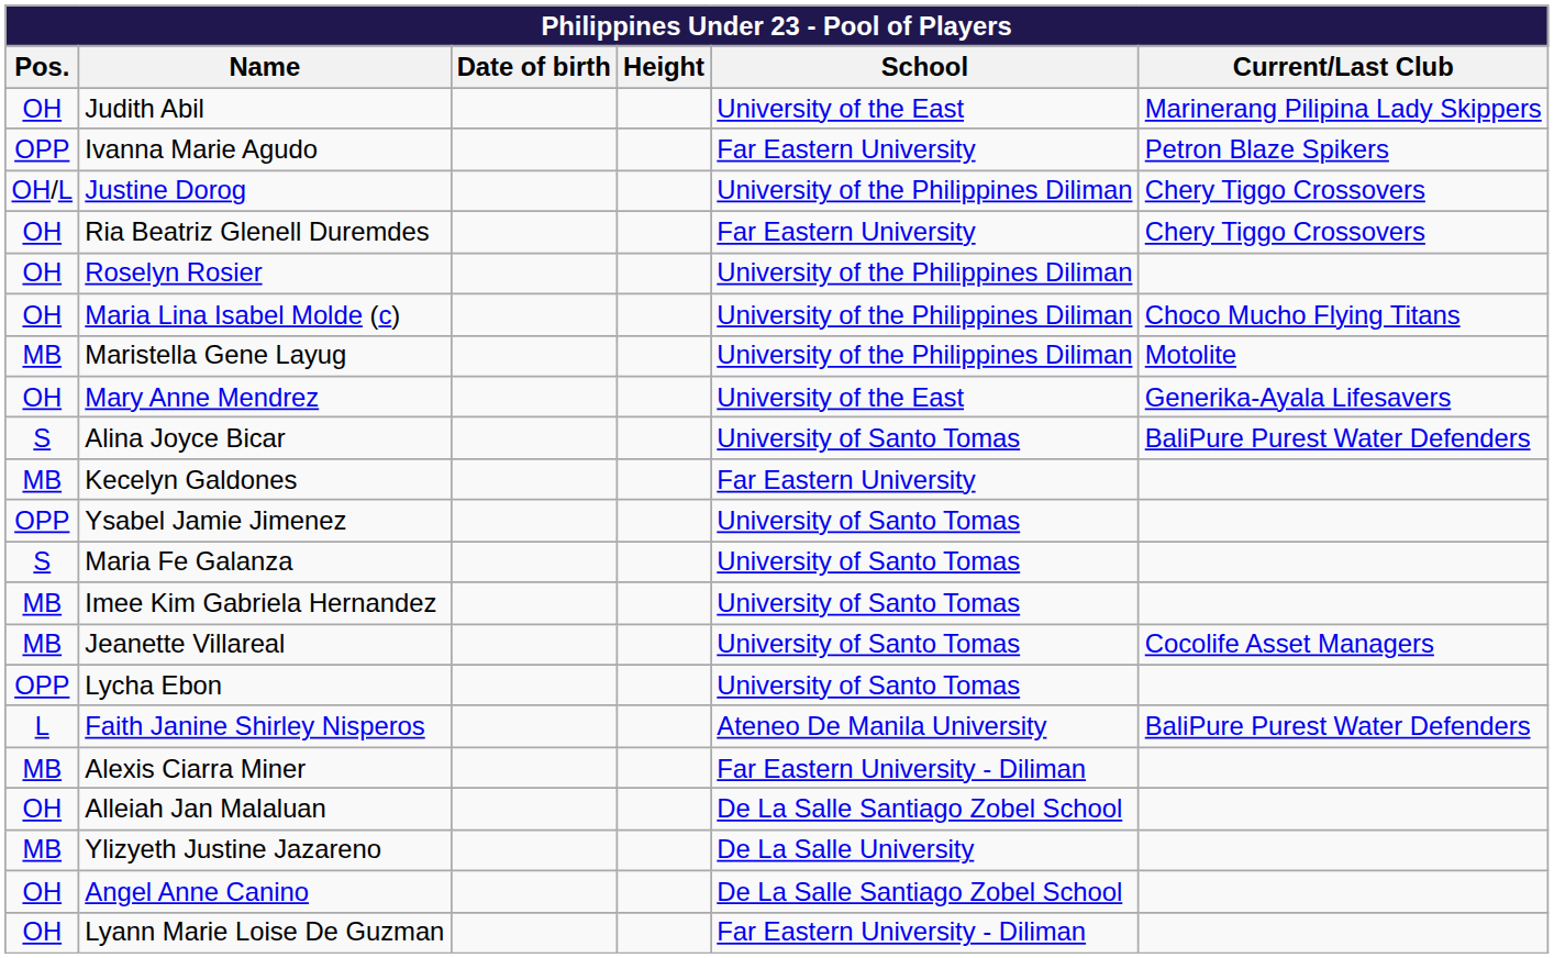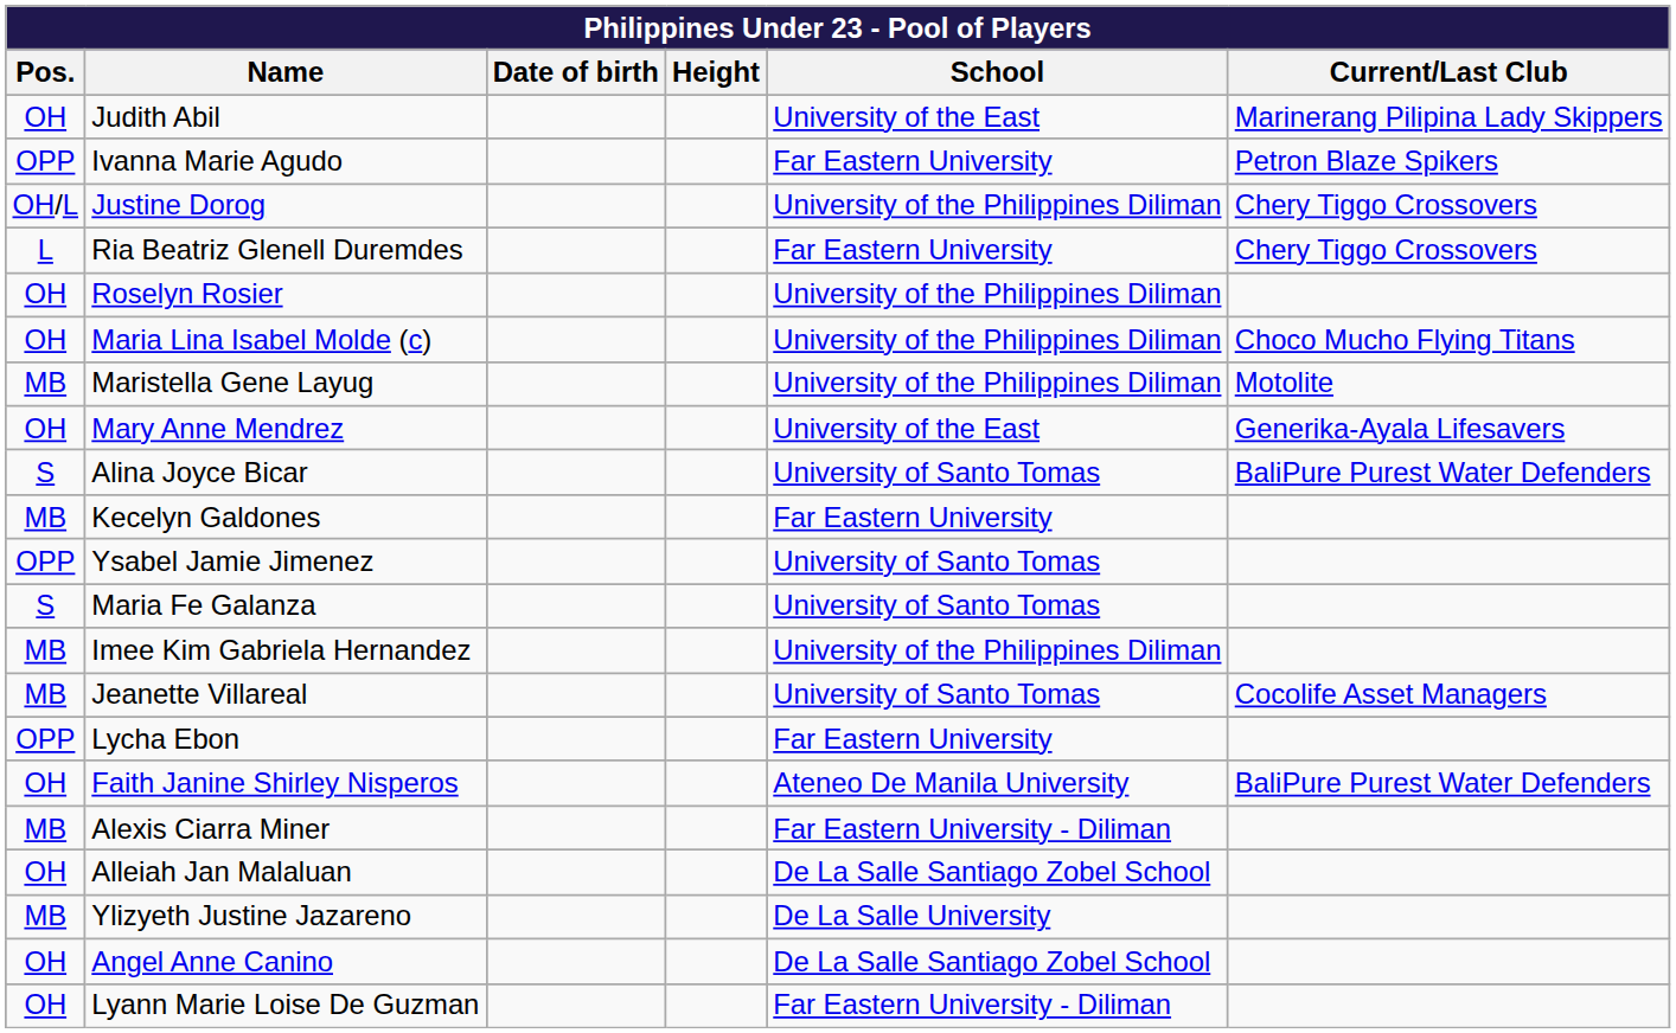 <table class="wikitable sortable" style="font-size:85%; text-align:left;">
 <tr>
 <th colspan=10 style="background:#1F174E; color:#FFFFFF;">Philippines Under 23 - Pool of Players</th>
 </tr>
 <tr>
 <th style= align=center "background:navy; color:white;">Pos.</th>
 <th style= align=center "width:15em; background:navy; color:white;">Name</th>
 <th style= align=center "width:14em; background:navy; color:white;">Date of birth</th>
 <th style= align=center "width:10em; background:navy; color:white;">Height</th>
 <th style= align=center"width:15em; background:navy; color:white;">School</th>
 <th style= align=center"width:15em; background:navy; color:white;">Current/Last Club</th>
 </tr>
 <tr align=center>
 <td><a href='#'>OH</a></td>
 <td align=left>Judith Abil</td>
 <td align=right></td>
 <td></td>
 <td align="left"> <a href='#'>University of the East</a></td>
 <td align=left> <a href='#'>Marinerang Pilipina Lady Skippers</a></td>
 </tr>
 <tr align=center>
 <td><a href='#'>OPP</a></td>
 <td align=left>Ivanna Marie Agudo</td>
 <td align=right></td>
 <td></td>
 <td align="left"> <a href='#'>Far Eastern University</a></td>
 <td align=left> <a href='#'>Petron Blaze Spikers</a></td>
 </tr>
 <tr align=center>
 <td><a href='#'>OH</a>/<a href='#'>L</a></td>
 <td align="left"><a href='#'>Justine Dorog</a></td>
 <td align=right></td>
 <td></td>
 <td align="left"> <a href='#'>University of the Philippines Diliman</a></td>
 <td align=left> <a href='#'>Chery Tiggo Crossovers</a></td>
 </tr>
 <tr align=center>
-<td><a href='#'>OH</a></td>
+<td><a href='#'>L</a></td>
 <td align=left>Ria Beatriz Glenell Duremdes</td>
 <td align=right></td>
 <td></td>
 <td align="left"> <a href='#'>Far Eastern University</a></td>
 <td align=left> <a href='#'>Chery Tiggo Crossovers</a></td>
 </tr>
 <tr align=center>
 <td><a href='#'>OH</a></td>
 <td align="left"><a href='#'>Roselyn Rosier</a></td>
 <td align=right></td>
 <td></td>
 <td align="left"> <a href='#'>University of the Philippines Diliman</a></td>
 <td></td>
 </tr>
 <tr align=center>
 <td><a href='#'>OH</a></td>
 <td align=left><a href='#'>Maria Lina Isabel Molde</a> (<a href='#'>c</a>)</td>
 <td align=right></td>
 <td></td>
 <td align="left"> <a href='#'>University of the Philippines Diliman</a></td>
 <td align=left> <a href='#'>Choco Mucho Flying Titans</a></td>
 </tr>
 <tr align=center>
 <td><a href='#'>MB</a></td>
 <td align="left">Maristella Gene Layug</td>
 <td align=right></td>
 <td></td>
 <td align="left"> <a href='#'>University of the Philippines Diliman</a></td>
 <td align=left> <a href='#'>Motolite</a></td>
 </tr>
 <tr align=center>
 <td><a href='#'>OH</a></td>
 <td align=left><a href='#'>Mary Anne Mendrez</a></td>
 <td align=right></td>
 <td></td>
 <td align="left"> <a href='#'>University of the East</a></td>
 <td align=left> <a href='#'>Generika-Ayala Lifesavers</a></td>
 </tr>
 <tr align=center>
 <td><a href='#'>S</a></td>
 <td align=left>Alina Joyce Bicar</td>
 <td align=right></td>
 <td></td>
 <td align="left"> <a href='#'>University of Santo Tomas</a></td>
 <td align=left> <a href='#'>BaliPure Purest Water Defenders</a></td>
 </tr>
 <tr align=center>
 <td><a href='#'>MB</a></td>
 <td align=left>Kecelyn Galdones</td>
 <td align=right></td>
 <td></td>
 <td align="left"> <a href='#'>Far Eastern University</a></td>
 <td></td>
 </tr>
 <tr align=center>
 <td><a href='#'>OPP</a></td>
 <td align=left>Ysabel Jamie Jimenez</td>
 <td align=right></td>
 <td></td>
 <td align="left"> <a href='#'>University of Santo Tomas</a></td>
 <td></td>
 </tr>
 <tr align=center>
 <td><a href='#'>S</a></td>
 <td align=left>Maria Fe Galanza</td>
 <td align=right></td>
 <td></td>
 <td align="left"> <a href='#'>University of Santo Tomas</a></td>
 <td></td>
 </tr>
 <tr align=center>
 <td><a href='#'>MB</a></td>
 <td align=left>Imee Kim Gabriela Hernandez</td>
 <td align=right></td>
 <td></td>
-<td align="left"> <a href='#'>University of Santo Tomas</a></td>
+<td align="left"> <a href='#'>University of the Philippines Diliman</a></td>
 <td></td>
 </tr>
 <tr align=center>
 <td><a href='#'>MB</a></td>
 <td align=left>Jeanette Villareal</td>
 <td></td>
 <td></td>
 <td align="left"> <a href='#'>University of Santo Tomas</a></td>
 <td align=left> <a href='#'>Cocolife Asset Managers</a></td>
 </tr>
 <tr align=center>
 <td><a href='#'>OPP</a></td>
 <td align=left>Lycha Ebon</td>
 <td align=right></td>
 <td></td>
-<td align="left"> <a href='#'>University of Santo Tomas</a></td>
+<td align="left"> <a href='#'>Far Eastern University</a></td>
 <td></td>
 </tr>
 <tr align=center>
-<td><a href='#'>L</a></td>
+<td><a href='#'>OH</a></td>
 <td align=left><a href='#'>Faith Janine Shirley Nisperos</a></td>
 <td align=right></td>
 <td></td>
 <td align="left"> <a href='#'>Ateneo De Manila University</a></td>
 <td align=left> <a href='#'>BaliPure Purest Water Defenders</a></td>
 </tr>
 <tr align=center>
 <td><a href='#'>MB</a></td>
 <td align=left>Alexis Ciarra Miner</td>
 <td></td>
 <td></td>
 <td align="left"> <a href='#'>Far Eastern University - Diliman</a></td>
 <td></td>
 </tr>
 <tr align=center>
 <td><a href='#'>OH</a></td>
 <td align=left>Alleiah Jan Malaluan</td>
 <td></td>
 <td></td>
 <td align="left"> <a href='#'>De La Salle Santiago Zobel School</a></td>
 <td></td>
 </tr>
 <tr align=center>
 <td><a href='#'>MB</a></td>
 <td align="left">Ylizyeth Justine Jazareno</td>
 <td align=right></td>
 <td></td>
 <td align=left> <a href='#'>De La Salle University</a></td>
 <td></td>
 </tr>
 <tr align=center>
 <td><a href='#'>OH</a></td>
 <td align=left><a href='#'>Angel Anne Canino</a></td>
 <td align=right></td>
 <td></td>
 <td align="left"> <a href='#'>De La Salle Santiago Zobel School</a></td>
 <td></td>
 </tr>
 <tr align=center>
 <td><a href='#'>OH</a></td>
 <td align=left>Lyann Marie Loise De Guzman</td>
 <td align=right></td>
 <td></td>
 <td align="left"> <a href='#'>Far Eastern University - Diliman</a></td>
 <td></td>
 </tr>
 </table>
